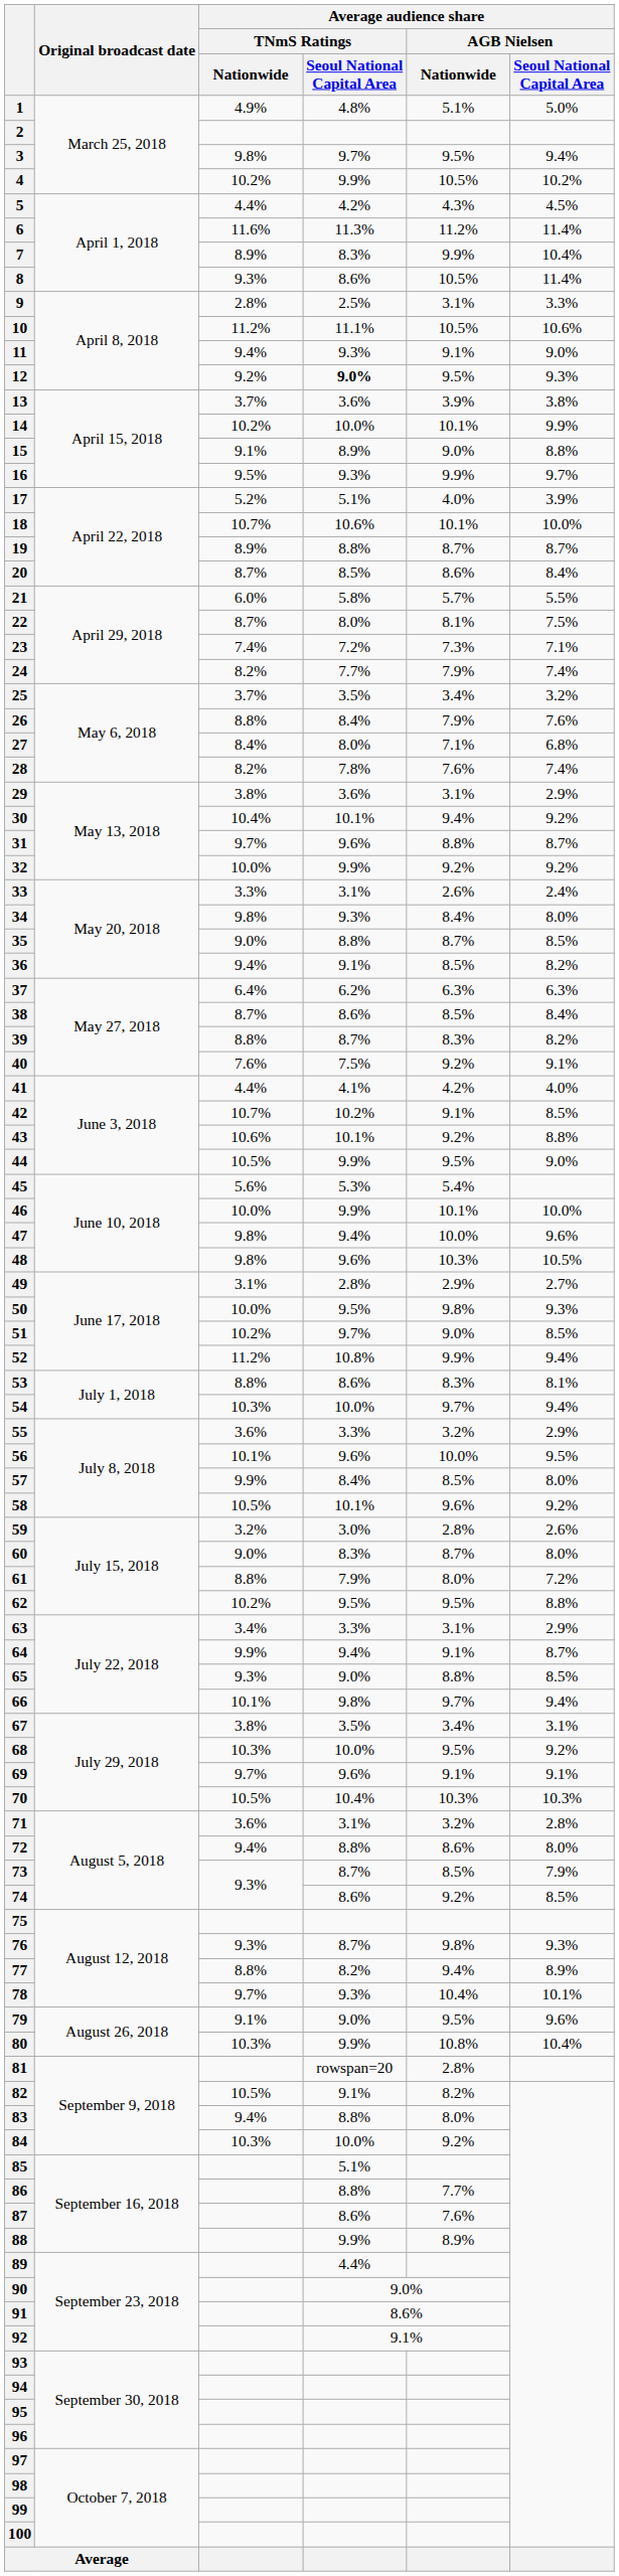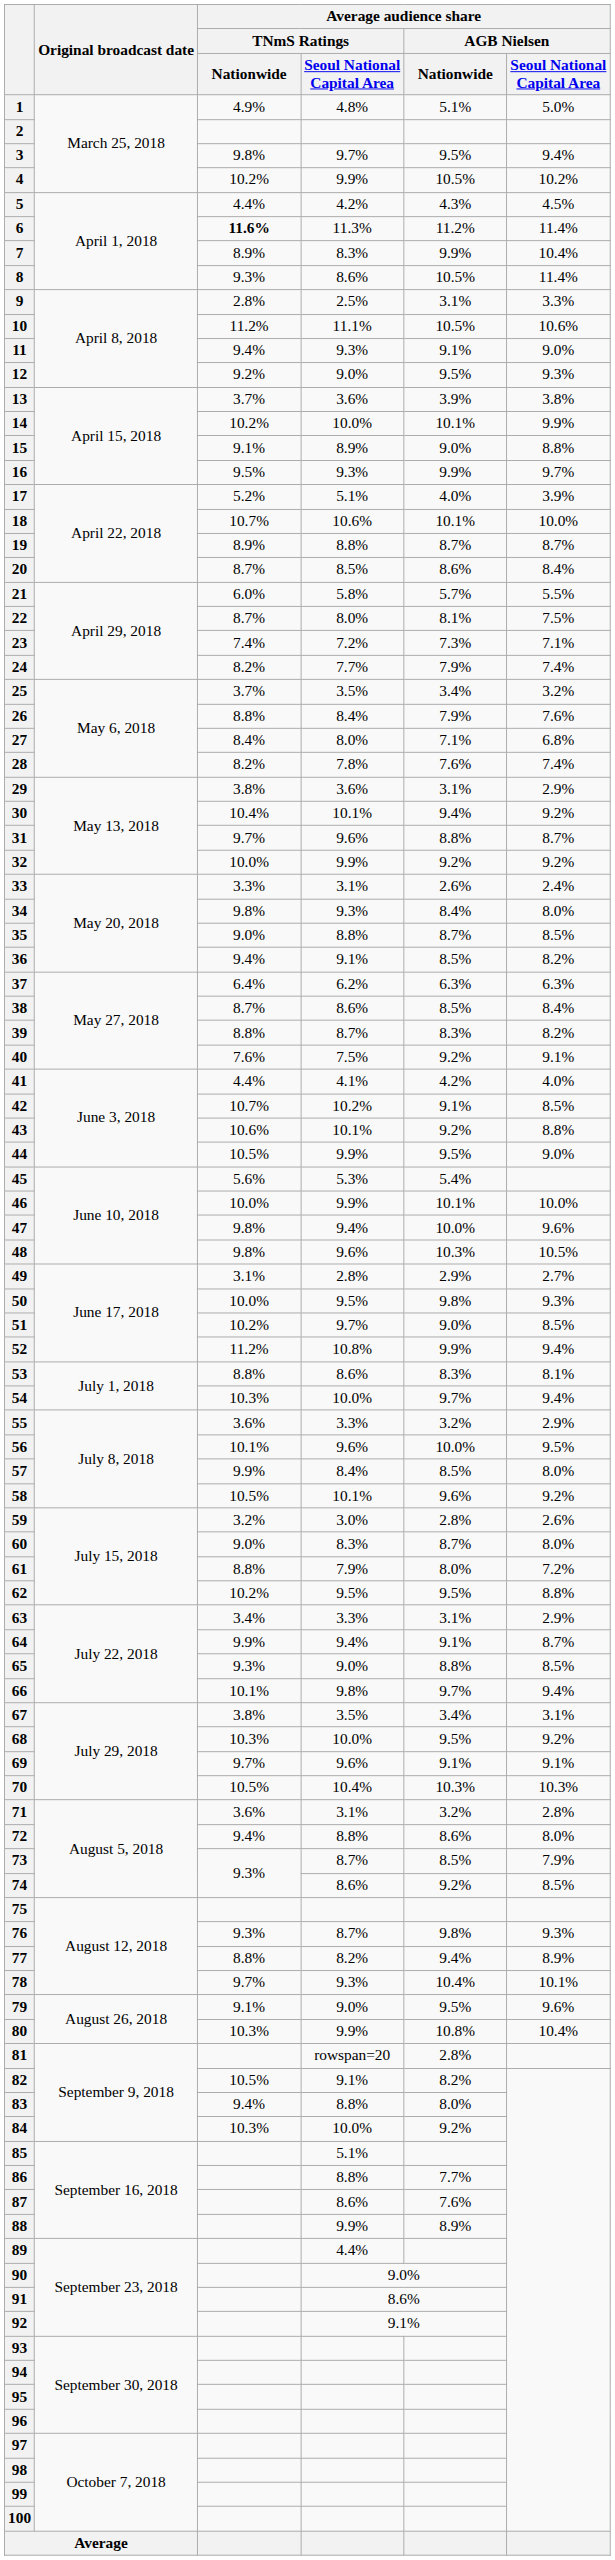 <table class="wikitable" style="text-align:center">
 <tr>
 <th rowspan="3"></th>
 <th rowspan="3">Original broadcast date</th>
 <th colspan="4">Average audience share</th>
 </tr>
 <tr>
 <th colspan="2">TNmS Ratings</th>
 <th colspan="2">AGB Nielsen</th>
 </tr>
 <tr>
 <th width=100>Nationwide</th>
 <th width=100><a href='#'>Seoul National Capital Area</a></th>
 <th width=100>Nationwide</th>
 <th width=100><a href='#'>Seoul National Capital Area</a></th>
 </tr>
 <tr>
 <th>1</th>
 <td rowspan="4">March 25, 2018</td>
 <td>4.9% </td>
 <td>4.8%</td>
 <td>5.1% </td>
 <td>5.0% </td>
 </tr>
 <tr>
 <th>2</th>
 <td> </td>
 <td></td>
 <td> </td>
 <td> </td>
 </tr>
 <tr>
 <th>3</th>
 <td>9.8% </td>
 <td>9.7%</td>
 <td>9.5% </td>
 <td>9.4% </td>
 </tr>
 <tr>
 <th>4</th>
 <td>10.2% </td>
 <td>9.9%</td>
 <td>10.5% </td>
 <td>10.2% </td>
 </tr>
 <tr>
 <th>5</th>
 <td rowspan="4">April 1, 2018</td>
 <td>4.4% </td>
 <td>4.2%</td>
 <td>4.3% </td>
 <td>4.5% </td>
 </tr>
 <tr>
 <th>6</th>
-<td>11.6% </td>
+<td><strong>11.6% </strong></td>
 <td>11.3%</td>
 <td>11.2% </td>
 <td>11.4% </td>
 </tr>
 <tr>
 <th>7</th>
 <td>8.9% </td>
 <td>8.3%</td>
 <td>9.9% </td>
 <td>10.4% </td>
 </tr>
 <tr>
 <th>8</th>
 <td>9.3% </td>
 <td>8.6%</td>
 <td>10.5% </td>
 <td>11.4% </td>
 </tr>
 <tr>
 <th>9</th>
 <td rowspan="4">April 8, 2018</td>
 <td>2.8% </td>
 <td>2.5%</td>
 <td>3.1% </td>
 <td>3.3% </td>
 </tr>
 <tr>
 <th>10</th>
 <td>11.2% </td>
 <td>11.1%</td>
 <td>10.5% </td>
 <td>10.6% </td>
 </tr>
 <tr>
 <th>11</th>
 <td>9.4% </td>
 <td>9.3%</td>
 <td>9.1% </td>
 <td>9.0% </td>
 </tr>
 <tr>
 <th>12</th>
 <td>9.2% </td>
-<td><strong>9.0%</strong></td>
+<td>9.0%</td>
 <td>9.5% </td>
 <td>9.3% </td>
 </tr>
 <tr>
 <th>13</th>
 <td rowspan="4">April 15, 2018</td>
 <td>3.7% </td>
 <td>3.6%</td>
 <td>3.9% </td>
 <td>3.8% </td>
 </tr>
 <tr>
 <th>14</th>
 <td>10.2% </td>
 <td>10.0%</td>
 <td>10.1% </td>
 <td>9.9% </td>
 </tr>
 <tr>
 <th>15</th>
 <td>9.1% </td>
 <td>8.9%</td>
 <td>9.0% </td>
 <td>8.8% </td>
 </tr>
 <tr>
 <th>16</th>
 <td>9.5% </td>
 <td>9.3%</td>
 <td>9.9% </td>
 <td>9.7% </td>
 </tr>
 <tr>
 <th>17</th>
 <td rowspan="4">April 22, 2018</td>
 <td>5.2% </td>
 <td>5.1%</td>
 <td>4.0% </td>
 <td>3.9% </td>
 </tr>
 <tr>
 <th>18</th>
 <td>10.7% </td>
 <td>10.6%</td>
 <td>10.1% </td>
 <td>10.0% </td>
 </tr>
 <tr>
 <th>19</th>
 <td>8.9% </td>
 <td>8.8%</td>
 <td>8.7% </td>
 <td>8.7% </td>
 </tr>
 <tr>
 <th>20</th>
 <td>8.7% </td>
 <td>8.5%</td>
 <td>8.6% </td>
 <td>8.4% </td>
 </tr>
 <tr>
 <th>21</th>
 <td rowspan="4">April 29, 2018</td>
 <td>6.0% </td>
 <td>5.8%</td>
 <td>5.7% </td>
 <td>5.5% </td>
 </tr>
 <tr>
 <th>22</th>
 <td>8.7% </td>
 <td>8.0%</td>
 <td>8.1% </td>
 <td>7.5% </td>
 </tr>
 <tr>
 <th>23</th>
 <td>7.4% </td>
 <td>7.2%</td>
 <td>7.3% </td>
 <td>7.1% </td>
 </tr>
 <tr>
 <th>24</th>
 <td>8.2% </td>
 <td>7.7%</td>
 <td>7.9% </td>
 <td>7.4% </td>
 </tr>
 <tr>
 <th>25</th>
 <td rowspan="4">May 6, 2018</td>
 <td>3.7% </td>
 <td>3.5%</td>
 <td>3.4% </td>
 <td>3.2% </td>
 </tr>
 <tr>
 <th>26</th>
 <td>8.8% </td>
 <td>8.4%</td>
 <td>7.9% </td>
 <td>7.6% </td>
 </tr>
 <tr>
 <th>27</th>
 <td>8.4% </td>
 <td>8.0%</td>
 <td>7.1% </td>
 <td>6.8% </td>
 </tr>
 <tr>
 <th>28</th>
 <td>8.2% </td>
 <td>7.8%</td>
 <td>7.6% </td>
 <td>7.4% </td>
 </tr>
 <tr>
 <th>29</th>
 <td rowspan="4">May 13, 2018</td>
 <td>3.8% </td>
 <td>3.6%</td>
 <td>3.1% </td>
 <td>2.9% </td>
 </tr>
 <tr>
 <th>30</th>
 <td>10.4% </td>
 <td>10.1%</td>
 <td>9.4% </td>
 <td>9.2% </td>
 </tr>
 <tr>
 <th>31</th>
 <td>9.7% </td>
 <td>9.6%</td>
 <td>8.8% </td>
 <td>8.7% </td>
 </tr>
 <tr>
 <th>32</th>
 <td>10.0% </td>
 <td>9.9%</td>
 <td>9.2% </td>
 <td>9.2% </td>
 </tr>
 <tr>
 <th>33</th>
 <td rowspan="4">May 20, 2018</td>
 <td>3.3% </td>
 <td>3.1%</td>
 <td>2.6% </td>
 <td>2.4% </td>
 </tr>
 <tr>
 <th>34</th>
 <td>9.8% </td>
 <td>9.3%</td>
 <td>8.4% </td>
 <td>8.0% </td>
 </tr>
 <tr>
 <th>35</th>
 <td>9.0% </td>
 <td>8.8%</td>
 <td>8.7% </td>
 <td>8.5% </td>
 </tr>
 <tr>
 <th>36</th>
 <td>9.4% </td>
 <td>9.1%</td>
 <td>8.5% </td>
 <td>8.2% </td>
 </tr>
 <tr>
 <th>37</th>
 <td rowspan="4">May 27, 2018</td>
 <td>6.4% </td>
 <td>6.2%</td>
 <td>6.3% </td>
 <td>6.3% </td>
 </tr>
 <tr>
 <th>38</th>
 <td>8.7% </td>
 <td>8.6%</td>
 <td>8.5% </td>
 <td>8.4% </td>
 </tr>
 <tr>
 <th>39</th>
 <td>8.8% </td>
 <td>8.7%</td>
 <td>8.3% </td>
 <td>8.2% </td>
 </tr>
 <tr>
 <th>40</th>
 <td>7.6% </td>
 <td>7.5%</td>
 <td>9.2% </td>
 <td>9.1% </td>
 </tr>
 <tr>
 <th>41</th>
 <td rowspan="4">June 3, 2018</td>
 <td>4.4%</td>
 <td>4.1%</td>
 <td>4.2% </td>
 <td>4.0% </td>
 </tr>
 <tr>
 <th>42</th>
 <td>10.7%</td>
 <td>10.2%</td>
 <td>9.1% </td>
 <td>8.5% </td>
 </tr>
 <tr>
 <th>43</th>
 <td>10.6%</td>
 <td>10.1%</td>
 <td>9.2% </td>
 <td>8.8% </td>
 </tr>
 <tr>
 <th>44</th>
 <td>10.5%</td>
 <td>9.9%</td>
 <td>9.5% </td>
 <td>9.0% </td>
 </tr>
 <tr>
 <th>45</th>
 <td rowspan="4">June 10, 2018</td>
 <td>5.6%</td>
 <td>5.3%</td>
 <td>5.4% </td>
 <td></td>
 </tr>
 <tr>
 <th>46</th>
 <td>10.0%</td>
 <td>9.9%</td>
 <td>10.1% </td>
 <td>10.0% </td>
 </tr>
 <tr>
 <th>47</th>
 <td>9.8%</td>
 <td>9.4%</td>
 <td>10.0% </td>
 <td>9.6% </td>
 </tr>
 <tr>
 <th>48</th>
 <td>9.8%</td>
 <td>9.6%</td>
 <td>10.3% </td>
 <td>10.5% </td>
 </tr>
 <tr>
 <th>49</th>
 <td rowspan="4">June 17, 2018</td>
 <td>3.1%</td>
 <td>2.8%</td>
 <td>2.9% </td>
 <td>2.7% </td>
 </tr>
 <tr>
 <th>50</th>
 <td>10.0%</td>
 <td>9.5%</td>
 <td>9.8% </td>
 <td>9.3% </td>
 </tr>
 <tr>
 <th>51</th>
 <td>10.2%</td>
 <td>9.7%</td>
 <td>9.0% </td>
 <td>8.5% </td>
 </tr>
 <tr>
 <th>52</th>
 <td>11.2%</td>
 <td>10.8%</td>
 <td>9.9% </td>
 <td>9.4% </td>
 </tr>
 <tr>
 <th>53</th>
 <td rowspan="2">July 1, 2018</td>
 <td>8.8%</td>
 <td>8.6%</td>
 <td>8.3% </td>
 <td>8.1% </td>
 </tr>
 <tr>
 <th>54</th>
 <td>10.3%</td>
 <td>10.0%</td>
 <td>9.7% </td>
 <td>9.4% </td>
 </tr>
 <tr>
 <th>55</th>
 <td rowspan="4">July 8, 2018</td>
 <td>3.6%</td>
 <td>3.3%</td>
 <td>3.2% </td>
 <td>2.9% </td>
 </tr>
 <tr>
 <th>56</th>
 <td>10.1%</td>
 <td>9.6%</td>
 <td>10.0% </td>
 <td>9.5% </td>
 </tr>
 <tr>
 <th>57</th>
 <td>9.9%</td>
 <td>8.4%</td>
 <td>8.5% </td>
 <td>8.0% </td>
 </tr>
 <tr>
 <th>58</th>
 <td>10.5%</td>
 <td>10.1%</td>
 <td>9.6% </td>
 <td>9.2% </td>
 </tr>
 <tr>
 <th>59</th>
 <td rowspan="4">July 15, 2018</td>
 <td>3.2%</td>
 <td>3.0%</td>
 <td>2.8% </td>
 <td>2.6% </td>
 </tr>
 <tr>
 <th>60</th>
 <td>9.0%</td>
 <td>8.3%</td>
 <td>8.7% </td>
 <td>8.0% </td>
 </tr>
 <tr>
 <th>61</th>
 <td>8.8%</td>
 <td>7.9%</td>
 <td>8.0% </td>
 <td>7.2% </td>
 </tr>
 <tr>
 <th>62</th>
 <td>10.2%</td>
 <td>9.5%</td>
 <td>9.5% </td>
 <td>8.8% </td>
 </tr>
 <tr>
 <th>63</th>
 <td rowspan="4">July 22, 2018</td>
 <td>3.4%</td>
 <td>3.3%</td>
 <td>3.1% </td>
 <td>2.9% </td>
 </tr>
 <tr>
 <th>64</th>
 <td>9.9%</td>
 <td>9.4%</td>
 <td>9.1% </td>
 <td>8.7% </td>
 </tr>
 <tr>
 <th>65</th>
 <td>9.3%</td>
 <td>9.0%</td>
 <td>8.8% </td>
 <td>8.5% </td>
 </tr>
 <tr>
 <th>66</th>
 <td>10.1%</td>
 <td>9.8%</td>
 <td>9.7% </td>
 <td>9.4% </td>
 </tr>
 <tr>
 <th>67</th>
 <td rowspan="4">July 29, 2018</td>
 <td>3.8%</td>
 <td>3.5%</td>
 <td>3.4% </td>
 <td>3.1% </td>
 </tr>
 <tr>
 <th>68</th>
 <td>10.3%</td>
 <td>10.0%</td>
 <td>9.5% </td>
 <td>9.2% </td>
 </tr>
 <tr>
 <th>69</th>
 <td>9.7%</td>
 <td>9.6%</td>
 <td>9.1% </td>
 <td>9.1% </td>
 </tr>
 <tr>
 <th>70</th>
 <td>10.5%</td>
 <td>10.4%</td>
 <td>10.3% </td>
 <td>10.3% </td>
 </tr>
 <tr>
 <th>71</th>
 <td rowspan="4">August 5, 2018</td>
 <td>3.6%</td>
 <td>3.1%</td>
 <td>3.2% </td>
 <td>2.8% </td>
 </tr>
 <tr>
 <th>72</th>
 <td>9.4%</td>
 <td>8.8%</td>
 <td>8.6% </td>
 <td>8.0% </td>
 </tr>
 <tr>
 <th>73</th>
 <td rowspan="2">9.3%</td>
 <td>8.7%</td>
 <td>8.5% </td>
 <td>7.9% </td>
 </tr>
 <tr>
 <th>74</th>
 <td>8.6%</td>
 <td>9.2% </td>
 <td>8.5% </td>
 </tr>
 <tr>
 <th>75</th>
 <td rowspan="4">August 12, 2018</td>
 <td></td>
 <td></td>
 <td> </td>
 <td> </td>
 </tr>
 <tr>
 <th>76</th>
 <td>9.3%</td>
 <td>8.7%</td>
 <td>9.8% </td>
 <td>9.3% </td>
 </tr>
 <tr>
 <th>77</th>
 <td>8.8%</td>
 <td>8.2%</td>
 <td>9.4% </td>
 <td>8.9% </td>
 </tr>
 <tr>
 <th>78</th>
 <td>9.7%</td>
 <td>9.3%</td>
 <td>10.4% </td>
 <td>10.1% </td>
 </tr>
 <tr>
 <th>79</th>
 <td rowspan="2">August 26, 2018</td>
 <td>9.1%</td>
 <td>9.0%</td>
 <td>9.5% </td>
 <td>9.6% </td>
 </tr>
 <tr>
 <th>80</th>
 <td>10.3%</td>
 <td>9.9%</td>
 <td>10.8% </td>
 <td>10.4% </td>
 </tr>
 <tr>
 <th>81</th>
 <td rowspan="4">September 9, 2018</td>
 <td></td>
 <td>rowspan=20 </td>
 <td>2.8% </td>
 <td></td>
 </tr>
 <tr>
 <th>82</th>
 <td>10.5%</td>
 <td>9.1% </td>
 <td>8.2% </td>
 </tr>
 <tr>
 <th>83</th>
 <td>9.4%</td>
 <td>8.8% </td>
 <td>8.0% </td>
 </tr>
 <tr>
 <th>84</th>
 <td>10.3%</td>
 <td>10.0% </td>
 <td>9.2% </td>
 </tr>
 <tr>
 <th>85</th>
 <td rowspan="4">September 16, 2018</td>
 <td></td>
 <td>5.1% </td>
 <td></td>
 </tr>
 <tr>
 <th>86</th>
 <td></td>
 <td>8.8% </td>
 <td>7.7% </td>
 </tr>
 <tr>
 <th>87</th>
 <td></td>
 <td>8.6% </td>
 <td>7.6% </td>
 </tr>
 <tr>
 <th>88</th>
 <td></td>
 <td>9.9% </td>
 <td>8.9% </td>
 </tr>
 <tr>
 <th>89</th>
 <td rowspan="4">September 23, 2018</td>
 <td></td>
 <td>4.4% </td>
 <td></td>
 </tr>
 <tr>
 <th>90</th>
 <td></td>
 <td colspan="2">9.0% </td>
 </tr>
 <tr>
 <th>91</th>
 <td></td>
 <td colspan="2">8.6% </td>
 </tr>
 <tr>
 <th>92</th>
 <td></td>
 <td colspan="2">9.1% </td>
 </tr>
 <tr>
 <th>93</th>
 <td rowspan="4">September 30, 2018</td>
 <td></td>
 <td></td>
 <td></td>
 </tr>
 <tr>
 <th>94</th>
 <td></td>
 <td></td>
 <td></td>
 </tr>
 <tr>
 <th>95</th>
 <td></td>
 <td></td>
 <td></td>
 </tr>
 <tr>
 <th>96</th>
 <td></td>
 <td></td>
 <td></td>
 </tr>
 <tr>
 <th>97</th>
 <td rowspan="4">October 7, 2018</td>
 <td></td>
 <td></td>
 <td></td>
 </tr>
 <tr>
 <th>98</th>
 <td></td>
 <td></td>
 <td></td>
 </tr>
 <tr>
 <th>99</th>
 <td></td>
 <td></td>
 <td></td>
 </tr>
 <tr>
 <th>100</th>
 <td></td>
 <td></td>
 <td></td>
 </tr>
 <tr>
 <th colspan="2">Average</th>
 <th></th>
 <th></th>
 <th></th>
 <th></th>
 </tr>
 </table>
